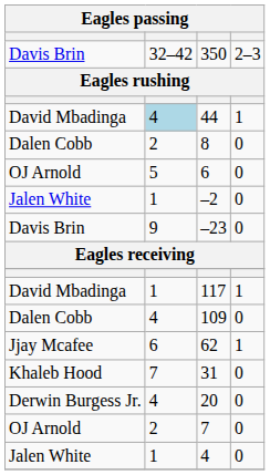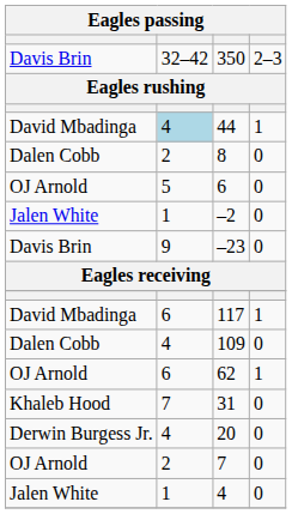 <table class="wikitable plainrowheaders">
 <tr>
 <th colspan="6">Eagles passing</th>
 </tr>
 <tr>
 <th scope="col"></th>
 <th scope="col"></th>
 <th scope="col"></th>
 <th scope="col"></th>
 </tr>
 <tr>
 <td><a href='#'>Davis Brin</a></td>
 <td>32–42</td>
 <td>350</td>
 <td>2–3</td>
 </tr>
 <tr>
 <th colspan="6">Eagles rushing</th>
 </tr>
 <tr>
 <th scope="col"></th>
 <th scope="col"></th>
 <th scope="col"></th>
 <th scope="col"></th>
 </tr>
 <tr>
 <td>David Mbadinga</td>
 <td style="background: lightblue;">4</td>
 <td>44</td>
 <td>1</td>
 </tr>
 <tr>
 <td>Dalen Cobb</td>
 <td>2</td>
 <td>8</td>
 <td>0</td>
 </tr>
 <tr>
 <td>OJ Arnold</td>
 <td>5</td>
 <td>6</td>
 <td>0</td>
 </tr>
 <tr>
 <td><a href='#'>Jalen White</a></td>
 <td>1</td>
 <td>–2</td>
 <td>0</td>
 </tr>
 <tr>
 <td>Davis Brin</td>
 <td>9</td>
 <td>–23</td>
 <td>0</td>
 </tr>
 <tr>
 <th colspan="6">Eagles receiving</th>
 </tr>
 <tr>
 </tr>
 <tr>
 <th scope="col"></th>
 <th scope="col"></th>
 <th scope="col"></th>
 <th scope="col"></th>
 </tr>
 <tr>
 <td>David Mbadinga</td>
-<td>1</td>
+<td>6</td>
 <td>117</td>
 <td>1</td>
 </tr>
 <tr>
 <td>Dalen Cobb</td>
 <td>4</td>
 <td>109</td>
 <td>0</td>
 </tr>
 <tr>
-<td>Jjay Mcafee</td>
+<td>OJ Arnold</td>
 <td>6</td>
 <td>62</td>
 <td>1</td>
 </tr>
 <tr>
 <td>Khaleb Hood</td>
 <td>7</td>
 <td>31</td>
 <td>0</td>
 </tr>
 <tr>
 <td>Derwin Burgess Jr.</td>
 <td>4</td>
 <td>20</td>
 <td>0</td>
 </tr>
 <tr>
 <td>OJ Arnold</td>
 <td>2</td>
 <td>7</td>
 <td>0</td>
 </tr>
 <tr>
 <td>Jalen White</td>
 <td>1</td>
 <td>4</td>
 <td>0</td>
 </tr>
 <tr>
 </tr>
 </table>
